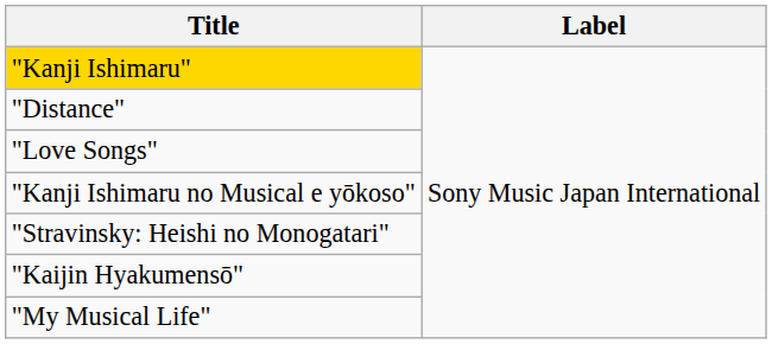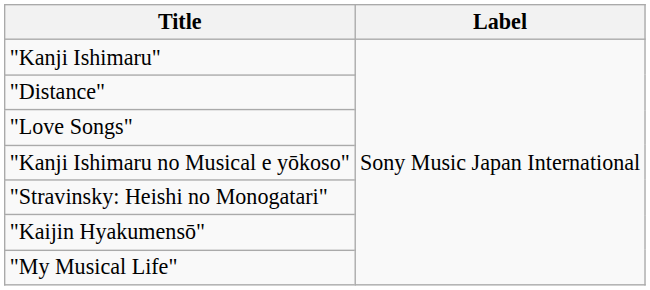 <table class="wikitable">
 <tr>
 <th>Title</th>
 <th>Label</th>
 </tr>
 <tr>
-<td style="background: gold;">"Kanji Ishimaru"</td>
+<td>"Kanji Ishimaru"</td>
 <td rowspan="7">Sony Music Japan International</td>
 </tr>
 <tr>
 <td>"Distance"</td>
 </tr>
 <tr>
 <td>"Love Songs"</td>
 </tr>
 <tr>
 <td>"Kanji Ishimaru no Musical e yōkoso"</td>
 </tr>
 <tr>
 <td>"Stravinsky: Heishi no Monogatari"</td>
 </tr>
 <tr>
 <td>"Kaijin Hyakumensō"</td>
 </tr>
 <tr>
 <td>"My Musical Life"</td>
 </tr>
 </table>
